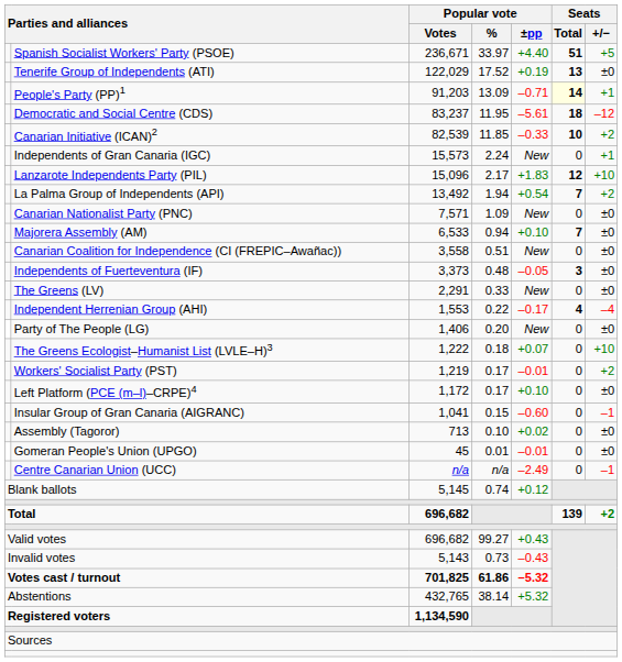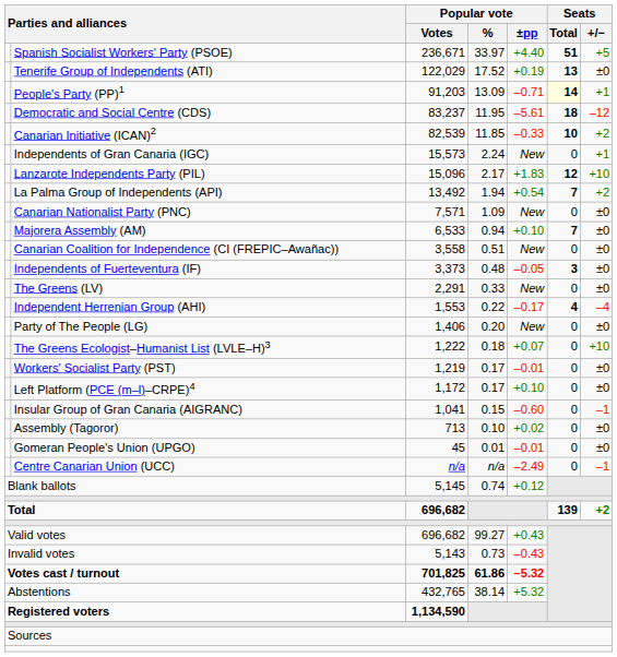 <table class="wikitable" style="text-align:right;">
 <tr>
 <th style="text-align:left;" rowspan="2" colspan="2" width="525">Parties and alliances</th>
 <th colspan="3">Popular vote</th>
 <th colspan="2">Seats</th>
 </tr>
 <tr>
 <th width="75">Votes</th>
 <th width="45">%</th>
 <th width="45">±<a href='#'>pp</a></th>
 <th width="35">Total</th>
 <th width="35">+/−</th>
 </tr>
 <tr>
 <td width="1" style="color:inherit;background:"></td>
 <td align="left"><a href='#'>Spanish Socialist Workers' Party</a> (PSOE)</td>
 <td>236,671</td>
 <td>33.97</td>
 <td style="color:green;">+4.40</td>
 <td><strong>51</strong></td>
 <td style="color:green;">+5</td>
 </tr>
 <tr>
 <td style="color:inherit;background:"></td>
 <td align="left"><a href='#'>Tenerife Group of Independents</a> (ATI)</td>
 <td>122,029</td>
 <td>17.52</td>
 <td style="color:green;">+0.19</td>
 <td><strong>13</strong></td>
 <td>±0</td>
 </tr>
 <tr>
 <td style="color:inherit;background:"></td>
 <td align="left"><a href='#'>People's Party</a> (PP)<sup>1</sup></td>
 <td>91,203</td>
 <td>13.09</td>
 <td style="color:red;">–0.71</td>
 <td style="background: lightyellow;"><strong>14</strong></td>
 <td style="color:green;">+1</td>
 </tr>
 <tr>
 <td style="color:inherit;background:"></td>
 <td align="left"><a href='#'>Democratic and Social Centre</a> (CDS)</td>
 <td>83,237</td>
 <td>11.95</td>
 <td style="color:red;">–5.61</td>
 <td><strong>18</strong></td>
 <td style="color:red;">–12</td>
 </tr>
 <tr>
 <td style="color:inherit;background:"></td>
 <td align="left"><a href='#'>Canarian Initiative</a> (ICAN)<sup>2</sup></td>
 <td>82,539</td>
 <td>11.85</td>
 <td style="color:red;">–0.33</td>
 <td><strong>10</strong></td>
 <td style="color:green;">+2</td>
 </tr>
 <tr>
 <td style="color:inherit;background:"></td>
 <td align="left">Independents of Gran Canaria (IGC)</td>
 <td>15,573</td>
 <td>2.24</td>
 <td><em>New</em></td>
 <td>0</td>
 <td style="color:green;">+1</td>
 </tr>
 <tr>
 <td style="color:inherit;background:"></td>
 <td align="left"><a href='#'>Lanzarote Independents Party</a> (PIL)</td>
 <td>15,096</td>
 <td>2.17</td>
 <td style="color:green;">+1.83</td>
 <td><strong>12</strong></td>
 <td style="color:green;">+10</td>
 </tr>
 <tr>
 <td style="color:inherit;background:"></td>
 <td align="left">La Palma Group of Independents (API)</td>
 <td>13,492</td>
 <td>1.94</td>
 <td style="color:green;">+0.54</td>
 <td><strong>7</strong></td>
 <td style="color:green;">+2</td>
 </tr>
 <tr>
 <td style="color:inherit;background:"></td>
 <td align="left"><a href='#'>Canarian Nationalist Party</a> (PNC)</td>
 <td>7,571</td>
 <td>1.09</td>
 <td><em>New</em></td>
 <td>0</td>
 <td>±0</td>
 </tr>
 <tr>
 <td style="color:inherit;background:"></td>
 <td align="left"><a href='#'>Majorera Assembly</a> (AM)</td>
 <td>6,533</td>
 <td>0.94</td>
 <td style="color:green;">+0.10</td>
 <td><strong>7</strong></td>
 <td>±0</td>
 </tr>
 <tr>
 <td style="color:inherit;background:"></td>
 <td align="left"><a href='#'>Canarian Coalition for Independence</a> (CI (FREPIC–Awañac))</td>
 <td>3,558</td>
 <td>0.51</td>
 <td><em>New</em></td>
 <td>0</td>
 <td>±0</td>
 </tr>
 <tr>
 <td style="color:inherit;background:"></td>
 <td align="left"><a href='#'>Independents of Fuerteventura</a> (IF)</td>
 <td>3,373</td>
 <td>0.48</td>
 <td style="color:red;">–0.05</td>
 <td><strong>3</strong></td>
 <td>±0</td>
 </tr>
 <tr>
 <td style="color:inherit;background:"></td>
 <td align="left"><a href='#'>The Greens</a> (LV)</td>
 <td>2,291</td>
 <td>0.33</td>
 <td><em>New</em></td>
 <td>0</td>
 <td>±0</td>
 </tr>
 <tr>
 <td style="color:inherit;background:"></td>
 <td align="left"><a href='#'>Independent Herrenian Group</a> (AHI)</td>
 <td>1,553</td>
 <td>0.22</td>
 <td style="color:red;">–0.17</td>
 <td><strong>4</strong></td>
 <td style="color:red;">–4</td>
 </tr>
 <tr>
 <td bgcolor="white"></td>
 <td align="left">Party of The People (LG)</td>
 <td>1,406</td>
 <td>0.20</td>
 <td><em>New</em></td>
 <td>0</td>
 <td>±0</td>
 </tr>
 <tr>
 <td style="color:inherit;background:"></td>
 <td align="left"><a href='#'>The Greens Ecologist</a>–<a href='#'>Humanist List</a> (LVLE–H)<sup>3</sup></td>
 <td>1,222</td>
 <td>0.18</td>
 <td style="color:green;">+0.07</td>
 <td>0</td>
 <td style="color:green;">+10</td>
 </tr>
 <tr>
 <td style="color:inherit;background:"></td>
 <td align="left"><a href='#'>Workers' Socialist Party</a> (PST)</td>
 <td>1,219</td>
 <td>0.17</td>
 <td style="color:red;">–0.01</td>
 <td>0</td>
-<td style="color:green;">+2</td>
+<td>±0</td>
 </tr>
 <tr>
 <td style="color:inherit;background:"></td>
 <td align="left">Left Platform (<a href='#'>PCE (m–l)</a>–CRPE)<sup>4</sup></td>
 <td>1,172</td>
 <td>0.17</td>
 <td style="color:green;">+0.10</td>
 <td>0</td>
 <td>±0</td>
 </tr>
 <tr>
 <td style="color:inherit;background:"></td>
 <td align="left">Insular Group of Gran Canaria (AIGRANC)</td>
 <td>1,041</td>
 <td>0.15</td>
 <td style="color:red;">–0.60</td>
 <td>0</td>
 <td style="color:red;">–1</td>
 </tr>
 <tr>
 <td style="color:inherit;background:"></td>
 <td align="left">Assembly (Tagoror)</td>
 <td>713</td>
 <td>0.10</td>
 <td style="color:green;">+0.02</td>
 <td>0</td>
 <td>±0</td>
 </tr>
 <tr>
 <td bgcolor="white"></td>
 <td align="left">Gomeran People's Union (UPGO)</td>
 <td>45</td>
 <td>0.01</td>
 <td style="color:red;">–0.01</td>
 <td>0</td>
 <td>±0</td>
 </tr>
 <tr>
 <td style="color:inherit;background:"></td>
 <td align="left"><a href='#'>Centre Canarian Union</a> (UCC)</td>
 <td><em><a href='#'>n/a</a></em></td>
 <td><em>n/a</em></td>
 <td style="color:red;">–2.49</td>
 <td>0</td>
 <td style="color:red;">–1</td>
 </tr>
 <tr>
 <td align="left" colspan="2">Blank ballots</td>
 <td>5,145</td>
 <td>0.74</td>
 <td style="color:green;">+0.12</td>
 <td bgcolor="#E9E9E9" colspan="2"></td>
 </tr>
 <tr>
 <td colspan="7" bgcolor="#E9E9E9"></td>
 </tr>
 <tr style="font-weight:bold;">
 <td align="left" colspan="2">Total</td>
 <td>696,682</td>
 <td bgcolor="#E9E9E9" colspan="2"></td>
 <td>139</td>
 <td style="color:green;">+2</td>
 </tr>
 <tr>
 <td colspan="7" bgcolor="#E9E9E9"></td>
 </tr>
 <tr>
 <td align="left" colspan="2">Valid votes</td>
 <td>696,682</td>
 <td>99.27</td>
 <td style="color:green;">+0.43</td>
 <td bgcolor="#E9E9E9" colspan="2" rowspan="5"></td>
 </tr>
 <tr>
 <td align="left" colspan="2">Invalid votes</td>
 <td>5,143</td>
 <td>0.73</td>
 <td style="color:red;">–0.43</td>
 </tr>
 <tr style="font-weight:bold;">
 <td align="left" colspan="2">Votes cast / turnout</td>
 <td>701,825</td>
 <td>61.86</td>
 <td style="color:red;">–5.32</td>
 </tr>
 <tr>
 <td align="left" colspan="2">Abstentions</td>
 <td>432,765</td>
 <td>38.14</td>
 <td style="color:green;">+5.32</td>
 </tr>
 <tr style="font-weight:bold;">
 <td align="left" colspan="2">Registered voters</td>
 <td>1,134,590</td>
 <td bgcolor="#E9E9E9" colspan="2"></td>
 </tr>
 <tr>
 <td colspan="7" bgcolor="#E9E9E9"></td>
 </tr>
 <tr>
 <td align="left" colspan="7">Sources</td>
 </tr>
 <tr>
 <td colspan="7" style="text-align:left; max-width:790px;"></td>
 </tr>
 </table>
